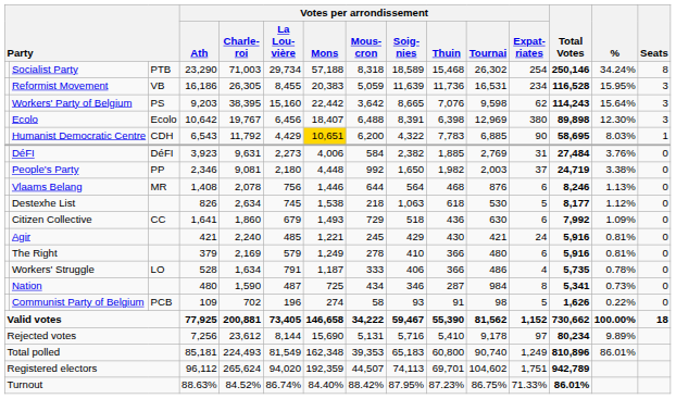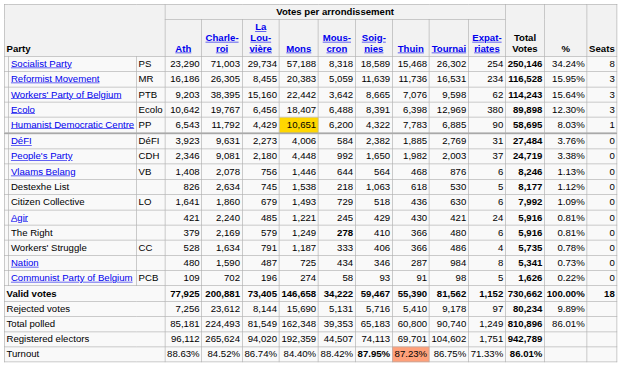 <table class="wikitable" border="1" style="text-align:right;">
 <tr>
 <th style="text-align:left;" valign=bottom rowspan=2 colspan=3>Party</th>
 <th colspan=9>Votes per arrondissement</th>
 <th align=center valign=bottom rowspan=2 width="50">Total Votes</th>
 <th align=center valign=bottom rowspan=2 width="50">%</th>
 <th align=center valign=bottom rowspan=2>Seats</th>
 </tr>
 <tr>
 <th align=center valign=bottom width="50"><a href='#'>Ath</a></th>
 <th align=center valign=bottom width="60"><a href='#'>Charle- roi</a></th>
 <th align=center valign=bottom width="50"><a href='#'>La Lou- vière</a></th>
 <th align=center valign=bottom width="50"><a href='#'>Mons</a></th>
 <th align=center valign=bottom width="50"><a href='#'>Mous- cron</a></th>
 <th align=center valign=bottom width="50"><a href='#'>Soig- nies</a></th>
 <th align=center valign=bottom width="50"><a href='#'>Thuin</a></th>
 <th align=center valign=bottom width="50"><a href='#'>Tournai</a></th>
 <th align=center valign=bottom width="50"><a href='#'>Expat- riates</a></th>
 </tr>
 <tr>
 <td></td>
 <td align=left><a href='#'>Socialist Party</a></td>
-<td align=left>PTB</td>
+<td align=left>PS</td>
 <td>23,290</td>
 <td>71,003</td>
 <td>29,734</td>
 <td>57,188</td>
 <td>8,318</td>
 <td>18,589</td>
 <td>15,468</td>
 <td>26,302</td>
 <td>254</td>
 <td><strong>250,146</strong></td>
 <td>34.24%</td>
 <td>8</td>
 </tr>
 <tr>
 <td></td>
 <td align=left><a href='#'>Reformist Movement</a></td>
-<td align=left>VB</td>
+<td align=left>MR</td>
 <td>16,186</td>
 <td>26,305</td>
 <td>8,455</td>
 <td>20,383</td>
 <td>5,059</td>
 <td>11,639</td>
 <td>11,736</td>
 <td>16,531</td>
 <td>234</td>
 <td><strong>116,528</strong></td>
 <td>15.95%</td>
 <td>3</td>
 </tr>
 <tr>
 <td></td>
 <td align=left><a href='#'>Workers' Party of Belgium</a></td>
-<td align=left>PS</td>
+<td align=left>PTB</td>
 <td>9,203</td>
 <td>38,395</td>
 <td>15,160</td>
 <td>22,442</td>
 <td>3,642</td>
 <td>8,665</td>
 <td>7,076</td>
 <td>9,598</td>
 <td>62</td>
 <td><strong>114,243</strong></td>
 <td>15.64%</td>
 <td>3</td>
 </tr>
 <tr>
 <td></td>
 <td align=left><a href='#'>Ecolo</a></td>
 <td align=left>Ecolo</td>
 <td>10,642</td>
 <td>19,767</td>
 <td>6,456</td>
 <td>18,407</td>
 <td>6,488</td>
 <td>8,391</td>
 <td>6,398</td>
 <td>12,969</td>
 <td>380</td>
 <td><strong>89,898</strong></td>
 <td>12.30%</td>
 <td>3</td>
 </tr>
 <tr>
 <td></td>
 <td align=left style="white-space: nowrap;"><a href='#'>Humanist Democratic Centre</a></td>
-<td align=left>CDH</td>
+<td align=left>PP</td>
 <td>6,543</td>
 <td>11,792</td>
 <td>4,429</td>
 <td style="background: gold;">10,651</td>
 <td>6,200</td>
 <td>4,322</td>
 <td>7,783</td>
 <td>6,885</td>
 <td>90</td>
 <td><strong>58,695</strong></td>
 <td>8.03%</td>
 <td>1</td>
 </tr>
 <tr style="border-top:3px solid darkgray;">
 <td></td>
 <td align=left><a href='#'>DéFI</a></td>
 <td align=left>DéFI</td>
 <td>3,923</td>
 <td>9,631</td>
 <td>2,273</td>
 <td>4,006</td>
 <td>584</td>
 <td>2,382</td>
 <td>1,885</td>
 <td>2,769</td>
 <td>31</td>
 <td><strong>27,484</strong></td>
 <td>3.76%</td>
 <td>0</td>
 </tr>
 <tr>
 <td></td>
 <td align=left><a href='#'>People's Party</a></td>
-<td align=left>PP</td>
+<td align=left>CDH</td>
 <td>2,346</td>
 <td>9,081</td>
 <td>2,180</td>
 <td>4,448</td>
 <td>992</td>
 <td>1,650</td>
 <td>1,982</td>
 <td>2,003</td>
 <td>37</td>
 <td><strong>24,719</strong></td>
 <td>3.38%</td>
 <td>0</td>
 </tr>
 <tr>
 <td></td>
 <td align=left><a href='#'>Vlaams Belang</a></td>
-<td align=left>MR</td>
+<td align=left>VB</td>
 <td>1,408</td>
 <td>2,078</td>
 <td>756</td>
 <td>1,446</td>
 <td>644</td>
 <td>564</td>
 <td>468</td>
 <td>876</td>
 <td>6</td>
 <td><strong>8,246</strong></td>
 <td>1.13%</td>
 <td>0</td>
 </tr>
 <tr>
 <td></td>
 <td align=left>Destexhe List</td>
 <td align=left></td>
 <td>826</td>
 <td>2,634</td>
 <td>745</td>
 <td>1,538</td>
 <td>218</td>
 <td>1,063</td>
 <td>618</td>
 <td>530</td>
 <td>5</td>
 <td><strong>8,177</strong></td>
 <td>1.12%</td>
 <td>0</td>
 </tr>
 <tr>
 <td></td>
 <td align=left>Citizen Collective</td>
-<td align=left>CC</td>
+<td align=left>LO</td>
 <td>1,641</td>
 <td>1,860</td>
 <td>679</td>
 <td>1,493</td>
 <td>729</td>
 <td>518</td>
 <td>436</td>
 <td>630</td>
 <td>6</td>
 <td><strong>7,992</strong></td>
 <td>1.09%</td>
 <td>0</td>
 </tr>
 <tr>
 <td></td>
 <td align=left><a href='#'>Agir</a></td>
 <td align=left></td>
 <td>421</td>
 <td>2,240</td>
 <td>485</td>
 <td>1,221</td>
 <td>245</td>
 <td>429</td>
 <td>430</td>
 <td>421</td>
 <td>24</td>
 <td><strong>5,916</strong></td>
 <td>0.81%</td>
 <td>0</td>
 </tr>
 <tr>
 <td></td>
 <td align=left>The Right</td>
 <td align=left></td>
 <td>379</td>
 <td>2,169</td>
 <td>579</td>
 <td>1,249</td>
-<td>278</td>
+<td><strong>278</strong></td>
 <td>410</td>
 <td>366</td>
 <td>480</td>
 <td>6</td>
 <td><strong>5,916</strong></td>
 <td>0.81%</td>
 <td>0</td>
 </tr>
 <tr>
 <td></td>
 <td align=left>Workers' Struggle</td>
-<td align=left>LO</td>
+<td align=left>CC</td>
 <td>528</td>
 <td>1,634</td>
 <td>791</td>
 <td>1,187</td>
 <td>333</td>
 <td>406</td>
 <td>366</td>
 <td>486</td>
 <td>4</td>
 <td><strong>5,735</strong></td>
 <td>0.78%</td>
 <td>0</td>
 </tr>
 <tr>
 <td></td>
 <td align=left><a href='#'>Nation</a></td>
 <td align=left></td>
 <td>480</td>
 <td>1,590</td>
 <td>487</td>
 <td>725</td>
 <td>434</td>
 <td>346</td>
 <td>287</td>
 <td>984</td>
 <td>8</td>
 <td><strong>5,341</strong></td>
 <td>0.73%</td>
 <td>0</td>
 </tr>
 <tr>
 <td></td>
 <td align=left><a href='#'>Communist Party of Belgium</a></td>
 <td align=left>PCB</td>
 <td>109</td>
 <td>702</td>
 <td>196</td>
 <td>274</td>
 <td>58</td>
 <td>93</td>
 <td>91</td>
 <td>98</td>
 <td>5</td>
 <td><strong>1,626</strong></td>
 <td>0.22%</td>
 <td>0</td>
 </tr>
 <tr style="font-weight:bold">
 <td align=left colspan=3>Valid votes</td>
 <td>77,925</td>
 <td>200,881</td>
 <td>73,405</td>
 <td>146,658</td>
 <td>34,222</td>
 <td>59,467</td>
 <td>55,390</td>
 <td>81,562</td>
 <td>1,152</td>
 <td>730,662</td>
 <td>100.00%</td>
 <td>18</td>
 </tr>
 <tr>
 <td align=left colspan=3>Rejected votes</td>
 <td>7,256</td>
 <td>23,612</td>
 <td>8,144</td>
 <td>15,690</td>
 <td>5,131</td>
 <td>5,716</td>
 <td>5,410</td>
 <td>9,178</td>
 <td>97</td>
 <td><strong>80,234</strong></td>
 <td>9.89%</td>
 <td></td>
 </tr>
 <tr>
 <td align=left colspan=3>Total polled</td>
 <td>85,181</td>
 <td>224,493</td>
 <td>81,549</td>
 <td>162,348</td>
 <td>39,353</td>
 <td>65,183</td>
 <td>60,800</td>
 <td>90,740</td>
 <td>1,249</td>
 <td><strong>810,896</strong></td>
 <td>86.01%</td>
 <td></td>
 </tr>
 <tr>
 <td align=left colspan=3>Registered electors</td>
 <td>96,112</td>
 <td>265,624</td>
 <td>94,020</td>
 <td>192,359</td>
 <td>44,507</td>
 <td>74,113</td>
 <td>69,701</td>
 <td>104,602</td>
 <td>1,751</td>
 <td><strong>942,789</strong></td>
 <td></td>
 <td></td>
 </tr>
 <tr>
 <td align=left colspan=3>Turnout</td>
 <td>88.63%</td>
 <td>84.52%</td>
 <td>86.74%</td>
 <td>84.40%</td>
 <td>88.42%</td>
-<td>87.95%</td>
-<td>87.23%</td>
+<td><strong>87.95%</strong></td>
+<td style="background: lightsalmon;">87.23%</td>
 <td>86.75%</td>
 <td>71.33%</td>
 <td><strong>86.01%</strong></td>
 <td></td>
 <td></td>
 </tr>
 </table>
